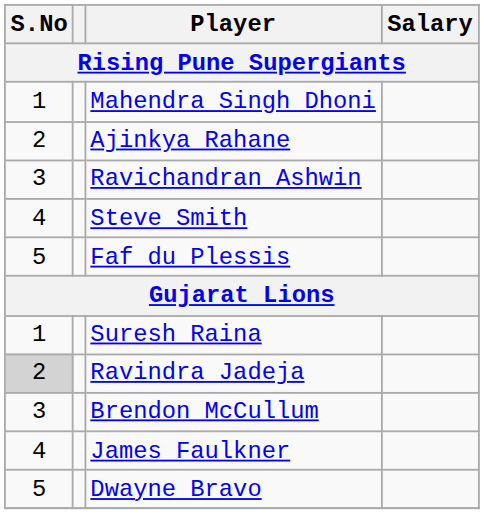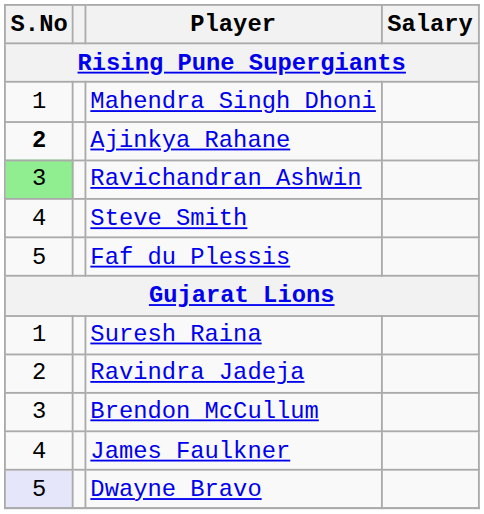 <table class="wikitable"  style="text-align:center">
 <tr>
 <th style="text-align:center;">S.No</th>
 <th style="text-align:center;"></th>
 <th style="text-align:center;">Player</th>
 <th style="text-align:center;">Salary</th>
 </tr>
 <tr>
 <th colspan="4"><strong><a href='#'>Rising Pune Supergiants</a></strong></th>
 </tr>
 <tr>
 <td>1</td>
 <td></td>
 <td style="text-align:left;"><a href='#'>Mahendra Singh Dhoni</a></td>
 <td style="text-align:right;"></td>
 </tr>
 <tr>
-<td>2</td>
+<td><strong>2</strong></td>
 <td></td>
 <td style="text-align:left;"><a href='#'>Ajinkya Rahane</a></td>
 <td style="text-align:right;"></td>
 </tr>
 <tr>
-<td>3</td>
+<td style="background: lightgreen;">3</td>
 <td></td>
 <td style="text-align:left;"><a href='#'>Ravichandran Ashwin</a></td>
 <td style="text-align:right;"></td>
 </tr>
 <tr>
 <td>4</td>
 <td></td>
 <td style="text-align:left;"><a href='#'>Steve Smith</a></td>
 <td style="text-align:right;"></td>
 </tr>
 <tr>
 <td>5</td>
 <td></td>
 <td style="text-align:left;"><a href='#'>Faf du Plessis</a></td>
 <td style="text-align:right;"></td>
 </tr>
 <tr>
 <th colspan="4"><strong><a href='#'>Gujarat Lions</a></strong></th>
 </tr>
 <tr>
 <td>1</td>
 <td></td>
 <td style="text-align:left;"><a href='#'>Suresh Raina</a></td>
 <td style="text-align:right;"></td>
 </tr>
 <tr>
-<td style="background: lightgrey;">2</td>
+<td>2</td>
 <td></td>
 <td style="text-align:left;"><a href='#'>Ravindra Jadeja</a></td>
 <td style="text-align:right;"></td>
 </tr>
 <tr>
 <td>3</td>
 <td></td>
 <td style="text-align:left;"><a href='#'>Brendon McCullum</a></td>
 <td style="text-align:right;"></td>
 </tr>
 <tr>
 <td>4</td>
 <td></td>
 <td style="text-align:left;"><a href='#'>James Faulkner</a></td>
 <td style="text-align:right;"></td>
 </tr>
 <tr>
-<td>5</td>
+<td style="background: lavender;">5</td>
 <td></td>
 <td style="text-align:left;"><a href='#'>Dwayne Bravo</a></td>
 <td style="text-align:right;"></td>
 </tr>
 <tr>
 </tr>
 </table>
